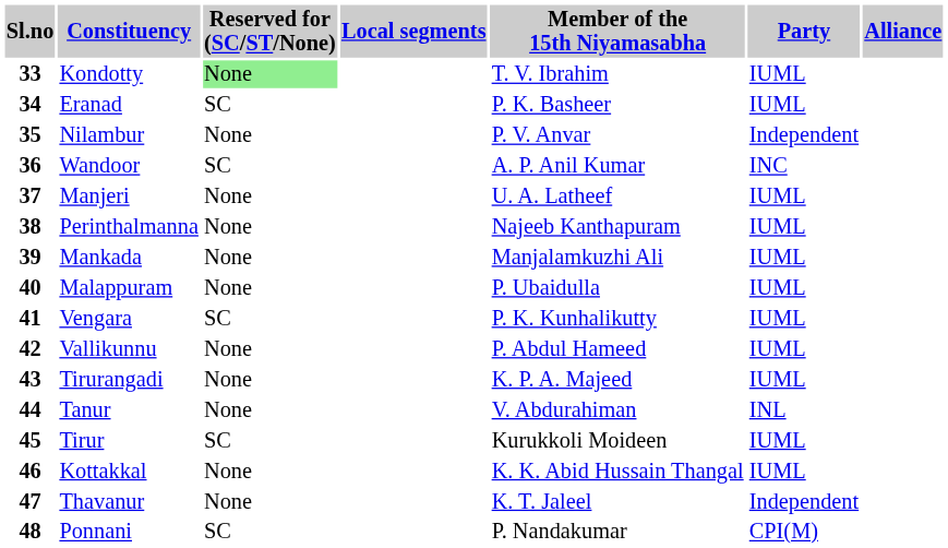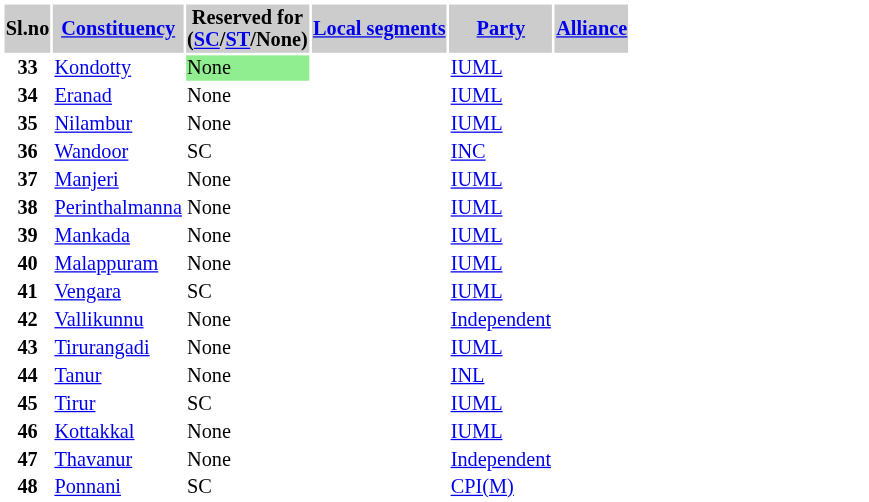 <table class="sortable" class="wikitable">
 <tr style="background:#ccc; text-align:center;">
 <th>Sl.no</th>
 <th><a href='#'>Constituency</a></th>
 <th>Reserved for <br>(<a href='#'>SC</a>/<a href='#'>ST</a>/None)</th>
 <th><a href='#'>Local segments</a></th>
-<th>Member of the <br><a href='#'>15th Niyamasabha</a></th>
 <th><a href='#'>Party</a></th>
 <th><a href='#'>Alliance</a></th>
 </tr>
 <tr>
 <th>33</th>
 <td><a href='#'>Kondotty</a></td>
 <td style="background: lightgreen;">None</td>
 <td></td>
-<td><a href='#'>T. V. Ibrahim</a></td>
 <td><a href='#'><span>IUML</span></a></td>
 <td></td>
 </tr>
 <tr>
 <th>34</th>
 <td><a href='#'>Eranad</a></td>
-<td>SC</td>
+<td>None</td>
 <td></td>
-<td><a href='#'>P. K. Basheer</a></td>
 <td><a href='#'><span>IUML</span></a></td>
 <td></td>
 </tr>
 <tr>
 <th>35</th>
 <td><a href='#'>Nilambur</a></td>
 <td>None</td>
 <td></td>
-<td><a href='#'>P. V. Anvar</a></td>
-<td><a href='#'><span>Independent</span></a></td>
+<td><a href='#'><span>IUML</span></a></td>
 <td></td>
 </tr>
 <tr>
 <th>36</th>
 <td><a href='#'>Wandoor</a></td>
 <td>SC</td>
 <td></td>
-<td><a href='#'>A. P. Anil Kumar</a></td>
 <td><a href='#'><span>INC</span></a></td>
 <td></td>
 </tr>
 <tr>
 <th>37</th>
 <td><a href='#'>Manjeri</a></td>
 <td>None</td>
 <td></td>
-<td><a href='#'>U. A. Latheef</a></td>
 <td><a href='#'><span>IUML</span></a></td>
 <td></td>
 </tr>
 <tr>
 <th>38</th>
 <td><a href='#'>Perinthalmanna</a></td>
 <td>None</td>
 <td></td>
-<td><a href='#'>Najeeb Kanthapuram</a></td>
 <td><a href='#'><span>IUML</span></a></td>
 <td></td>
 </tr>
 <tr>
 <th>39</th>
 <td><a href='#'>Mankada</a></td>
 <td>None</td>
 <td></td>
-<td><a href='#'>Manjalamkuzhi Ali</a></td>
 <td><a href='#'><span>IUML</span></a></td>
 <td></td>
 </tr>
 <tr>
 <th>40</th>
 <td><a href='#'>Malappuram</a></td>
 <td>None</td>
 <td></td>
-<td><a href='#'>P. Ubaidulla</a></td>
 <td><a href='#'><span>IUML</span></a></td>
 <td></td>
 </tr>
 <tr>
 <th>41</th>
 <td><a href='#'>Vengara</a></td>
 <td>SC</td>
 <td></td>
-<td><a href='#'>P. K. Kunhalikutty</a></td>
 <td><a href='#'><span>IUML</span></a></td>
 <td></td>
 </tr>
 <tr>
 <th>42</th>
 <td><a href='#'>Vallikunnu</a></td>
 <td>None</td>
 <td></td>
-<td><a href='#'>P. Abdul Hameed</a></td>
-<td><a href='#'><span>IUML</span></a></td>
+<td><a href='#'><span>Independent</span></a></td>
 <td></td>
 </tr>
 <tr>
 <th>43</th>
 <td><a href='#'>Tirurangadi</a></td>
 <td>None</td>
 <td></td>
-<td><a href='#'>K. P. A. Majeed</a></td>
 <td><a href='#'><span>IUML</span></a></td>
 <td></td>
 </tr>
 <tr>
 <th>44</th>
 <td><a href='#'>Tanur</a></td>
 <td>None</td>
 <td></td>
-<td><a href='#'>V. Abdurahiman</a></td>
 <td><a href='#'><span>INL</span></a></td>
 <td></td>
 </tr>
 <tr>
 <th>45</th>
 <td><a href='#'>Tirur</a></td>
 <td>SC</td>
 <td></td>
-<td>Kurukkoli Moideen</td>
 <td><a href='#'><span>IUML</span></a></td>
 <td></td>
 </tr>
 <tr>
 <th>46</th>
 <td><a href='#'>Kottakkal</a></td>
 <td>None</td>
 <td></td>
-<td><a href='#'>K. K. Abid Hussain Thangal</a></td>
 <td><a href='#'><span>IUML</span></a></td>
 <td></td>
 </tr>
 <tr>
 <th>47</th>
 <td><a href='#'>Thavanur</a></td>
 <td>None</td>
 <td></td>
-<td><a href='#'>K. T. Jaleel</a></td>
 <td><a href='#'><span>Independent</span></a></td>
 <td></td>
 </tr>
 <tr>
 <th>48</th>
 <td><a href='#'>Ponnani</a></td>
 <td>SC</td>
 <td></td>
-<td>P. Nandakumar</td>
 <td><a href='#'><span>CPI(M)</span></a></td>
 <td></td>
 </tr>
 </table>
